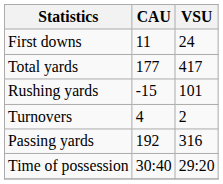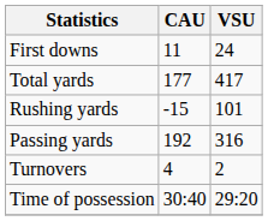 <table class="wikitable">
 <tr>
 <th>Statistics</th>
 <th>CAU</th>
 <th>VSU</th>
 </tr>
 <tr>
 <td>First downs</td>
 <td>11</td>
 <td>24</td>
 </tr>
 <tr>
 <td>Total yards</td>
 <td>177</td>
 <td>417</td>
 </tr>
 <tr>
 <td>Rushing yards</td>
 <td>-15</td>
 <td>101</td>
 </tr>
 <tr>
+<td>Passing yards</td>
+<td>192</td>
+<td>316</td>
+</tr>
+<tr>
 <td>Turnovers</td>
 <td>4</td>
 <td>2</td>
-</tr>
-<tr>
-<td>Passing yards</td>
-<td>192</td>
-<td>316</td>
 </tr>
 <tr>
 <td>Time of possession</td>
 <td>30:40</td>
 <td>29:20</td>
 </tr>
 <tr>
 </tr>
 </table>
